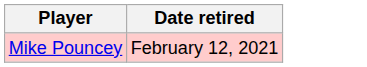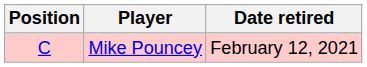 <table class="wikitable" style="text-align:center">
 <tr>
+<th>Position</th>
 <th>Player</th>
 <th>Date retired</th>
 </tr>
 <tr style="background:#fcc">
+<td><a href='#'>C</a></td>
 <td><a href='#'>Mike Pouncey</a></td>
 <td>February 12, 2021</td>
 </tr>
 </table>
